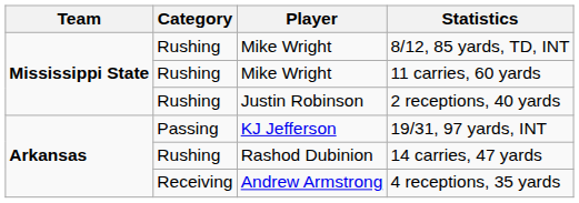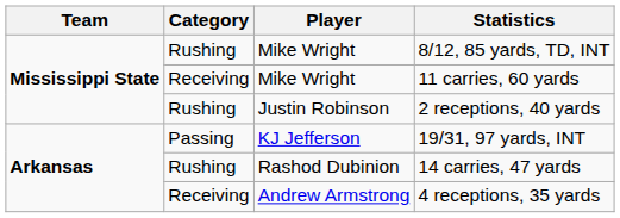 <table class="wikitable" style="float: right;">
 <tr>
 <th>Team</th>
 <th>Category</th>
 <th>Player</th>
 <th>Statistics</th>
 </tr>
 <tr>
 <td rowspan=3><strong>Mississippi State</strong></td>
 <td>Rushing</td>
 <td>Mike Wright</td>
 <td>8/12, 85 yards, TD, INT</td>
 </tr>
 <tr>
-<td>Rushing</td>
+<td>Receiving</td>
 <td>Mike Wright</td>
 <td>11 carries, 60 yards</td>
 </tr>
 <tr>
 <td>Rushing</td>
 <td>Justin Robinson</td>
 <td>2 receptions, 40 yards</td>
 </tr>
 <tr>
 <td rowspan=3><strong>Arkansas</strong></td>
 <td>Passing</td>
 <td><a href='#'>KJ Jefferson</a></td>
 <td>19/31, 97 yards, INT</td>
 </tr>
 <tr>
 <td>Rushing</td>
 <td>Rashod Dubinion</td>
 <td>14 carries, 47 yards</td>
 </tr>
 <tr>
 <td>Receiving</td>
 <td><a href='#'>Andrew Armstrong</a></td>
 <td>4 receptions, 35 yards</td>
 </tr>
 </table>
